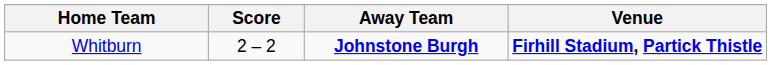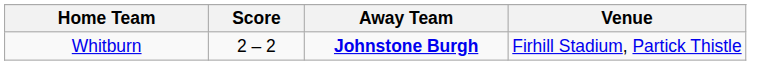 <table class="wikitable" style="text-align: center">
 <tr>
 </tr>
 <tr>
 <th width=180>Home Team</th>
 <th width=80>Score</th>
 <th width=180>Away Team</th>
 <th>Venue</th>
 </tr>
 <tr>
 <td><a href='#'>Whitburn</a></td>
 <td>2 – 2</td>
 <td><strong><a href='#'>Johnstone Burgh</a></strong></td>
-<td align=left><strong><a href='#'>Firhill Stadium</a>, <a href='#'>Partick Thistle</a></strong></td>
+<td align=left><a href='#'>Firhill Stadium</a>, <a href='#'>Partick Thistle</a></td>
 </tr>
 </table>
